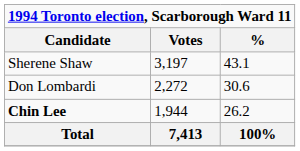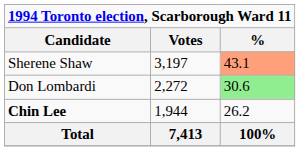 <table class="wikitable">
 <tr>
 <td Colspan="3" align="center"><strong><a href='#'>1994 Toronto election</a>, Scarborough Ward 11</strong></td>
 </tr>
 <tr>
 <th bgcolor="#DDDDFF" width="150px">Candidate</th>
 <th bgcolor="#DDDDFF">Votes</th>
 <th bgcolor="#DDDDFF">%</th>
 </tr>
 <tr>
 <td>Sherene Shaw</td>
 <td>3,197</td>
-<td>43.1</td>
+<td style="background: lightsalmon;">43.1</td>
 </tr>
 <tr>
 <td>Don Lombardi</td>
 <td>2,272</td>
-<td>30.6</td>
+<td style="background: lightgreen;">30.6</td>
 </tr>
 <tr>
 <td><strong>Chin Lee</strong></td>
 <td>1,944</td>
 <td>26.2</td>
 </tr>
 <tr>
 <th>Total</th>
 <th>7,413</th>
 <th>100%</th>
 </tr>
 <tr>
 </tr>
 </table>
